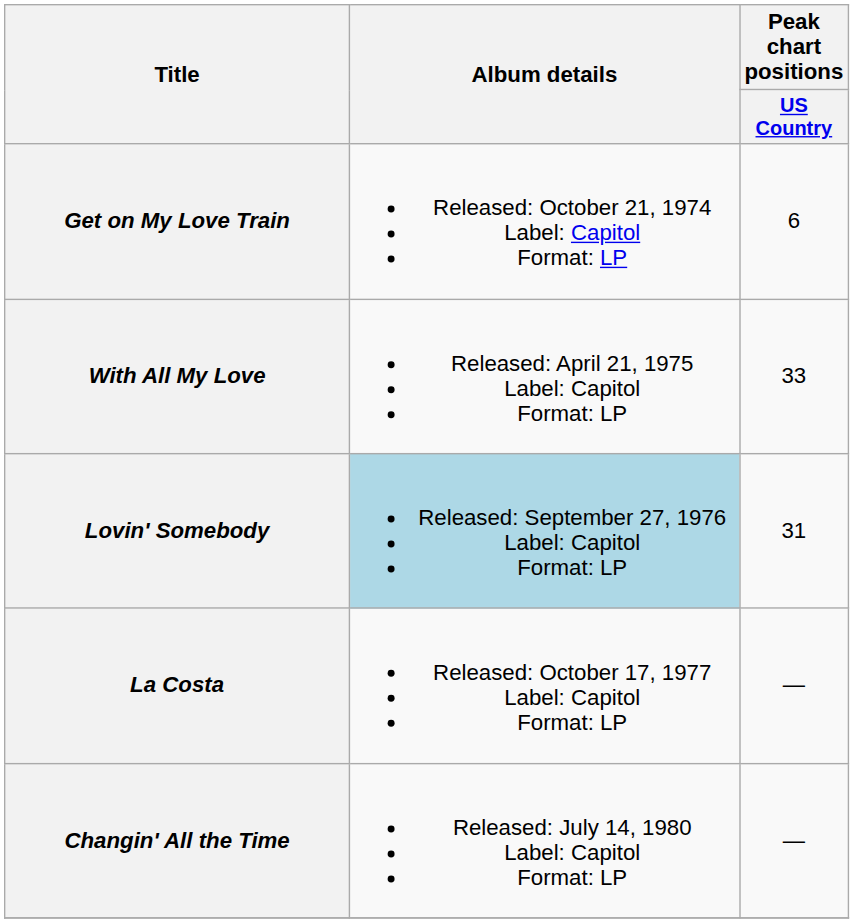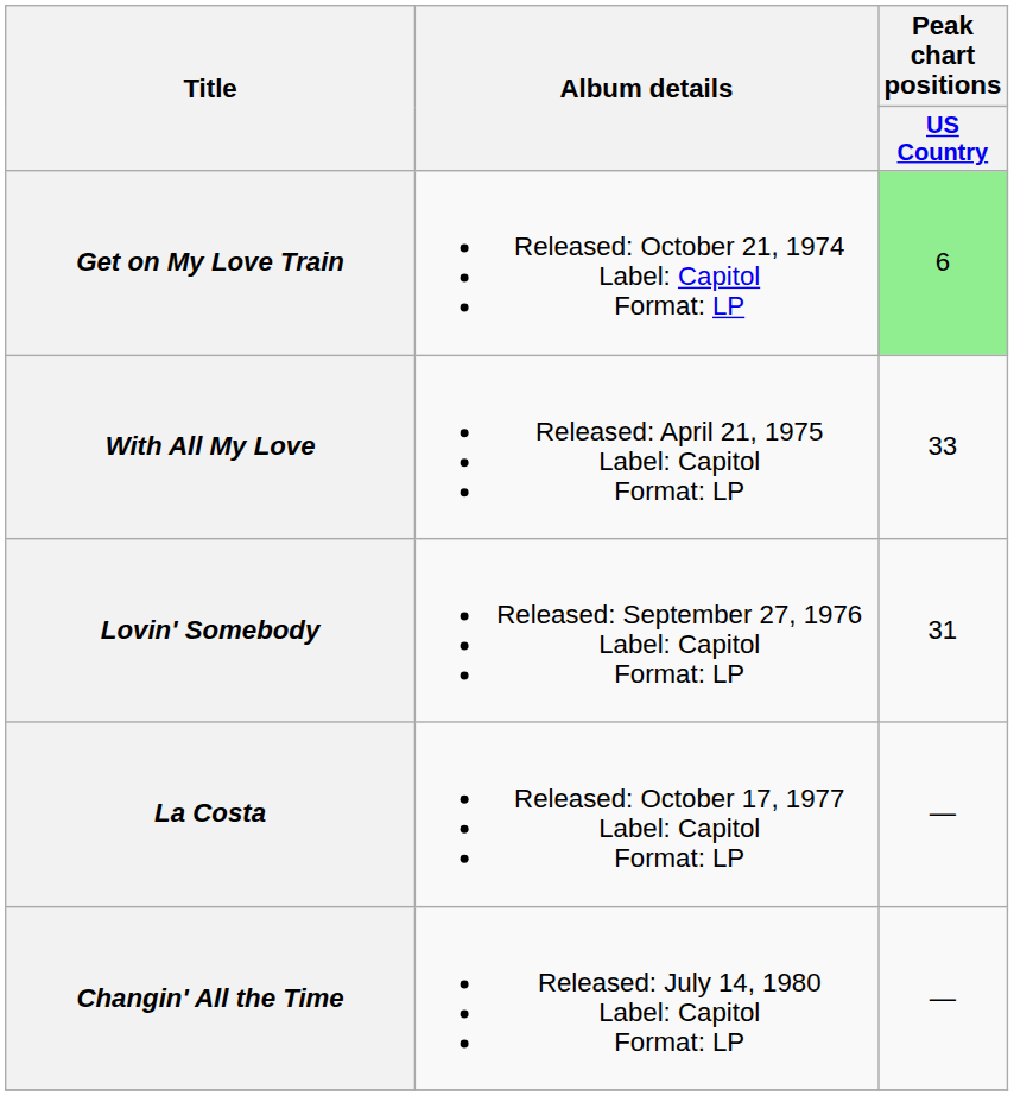 <table class="wikitable plainrowheaders" style="text-align:center;">
 <tr>
 <th scope="col" rowspan="2" style="width:16em;">Title</th>
 <th scope="col" rowspan="2" style="width:18em;">Album details</th>
 <th scope="col" colspan="1">Peak<br>chart<br>positions</th>
 </tr>
 <tr>
 <th scope="col" style="width:3em;font-size:90%;"><a href='#'>US<br>Country</a><br></th>
 </tr>
 <tr>
 <th scope = "row"><em>Get on My Love Train</em></th>
 <td><br><ul><li>Released: October 21, 1974</li><li>Label: <a href='#'>Capitol</a></li><li>Format: <a href='#'>LP</a></li></ul></td>
-<td>6</td>
+<td style="background: lightgreen;">6</td>
 </tr>
 <tr>
 <th scope = "row"><em>With All My Love</em></th>
 <td><br><ul><li>Released: April 21, 1975</li><li>Label: Capitol</li><li>Format: LP</li></ul></td>
 <td>33</td>
 </tr>
 <tr>
 <th scope = "row"><em>Lovin' Somebody</em></th>
-<td style="background: lightblue;"><br><ul><li>Released: September 27, 1976</li><li>Label: Capitol</li><li>Format: LP</li></ul></td>
+<td><br><ul><li>Released: September 27, 1976</li><li>Label: Capitol</li><li>Format: LP</li></ul></td>
 <td>31</td>
 </tr>
 <tr>
 <th scope = "row"><em>La Costa</em></th>
 <td><br><ul><li>Released: October 17, 1977</li><li>Label: Capitol</li><li>Format: LP</li></ul></td>
 <td>—</td>
 </tr>
 <tr>
 <th scope = "row"><em>Changin' All the Time</em></th>
 <td><br><ul><li>Released: July 14, 1980</li><li>Label: Capitol</li><li>Format: LP</li></ul></td>
 <td>—</td>
 </tr>
 <tr>
 </tr>
 </table>
